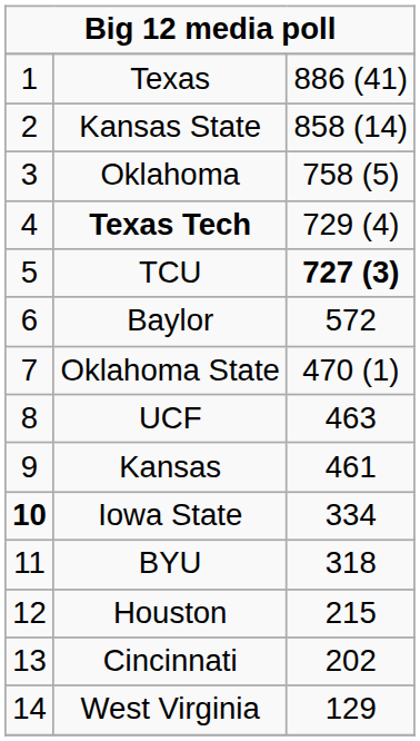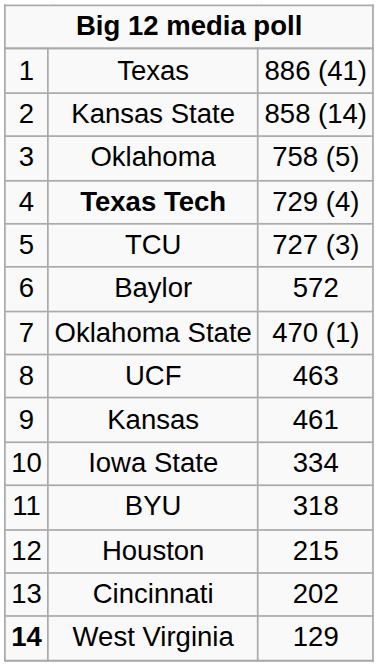 <table class="wikitable" style="display: inline-table;">
 <tr>
 <td align="center" Colspan="3"><strong>Big 12 media poll</strong></td>
 </tr>
 <tr align="center">
 </tr>
 <tr align="center">
 <td>1</td>
 <td>Texas</td>
 <td>886 (41)</td>
 </tr>
 <tr align="center">
 <td>2</td>
 <td>Kansas State</td>
 <td>858 (14)</td>
 </tr>
 <tr align="center">
 <td>3</td>
 <td>Oklahoma</td>
 <td>758 (5)</td>
 </tr>
 <tr align="center">
 <td>4</td>
 <td><strong>Texas Tech</strong></td>
 <td>729 (4)</td>
 </tr>
 <tr align="center">
 <td>5</td>
 <td>TCU</td>
-<td><strong>727 (3)</strong></td>
+<td>727 (3)</td>
 </tr>
 <tr align="center">
 <td>6</td>
 <td>Baylor</td>
 <td>572</td>
 </tr>
 <tr align="center">
 <td>7</td>
 <td>Oklahoma State</td>
 <td>470 (1)</td>
 </tr>
 <tr align="center">
 <td>8</td>
 <td>UCF</td>
 <td>463</td>
 </tr>
 <tr align="center">
 <td>9</td>
 <td>Kansas</td>
 <td>461</td>
 </tr>
 <tr align="center">
-<td><strong>10</strong></td>
+<td>10</td>
 <td>Iowa State</td>
 <td>334</td>
 </tr>
 <tr align="center">
 <td>11</td>
 <td>BYU</td>
 <td>318</td>
 </tr>
 <tr align="center">
 <td>12</td>
 <td>Houston</td>
 <td>215</td>
 </tr>
 <tr align="center">
 <td>13</td>
 <td>Cincinnati</td>
 <td>202</td>
 </tr>
 <tr align="center">
-<td>14</td>
+<td><strong>14</strong></td>
 <td>West Virginia</td>
 <td>129</td>
 </tr>
 <tr>
 </tr>
 </table>
